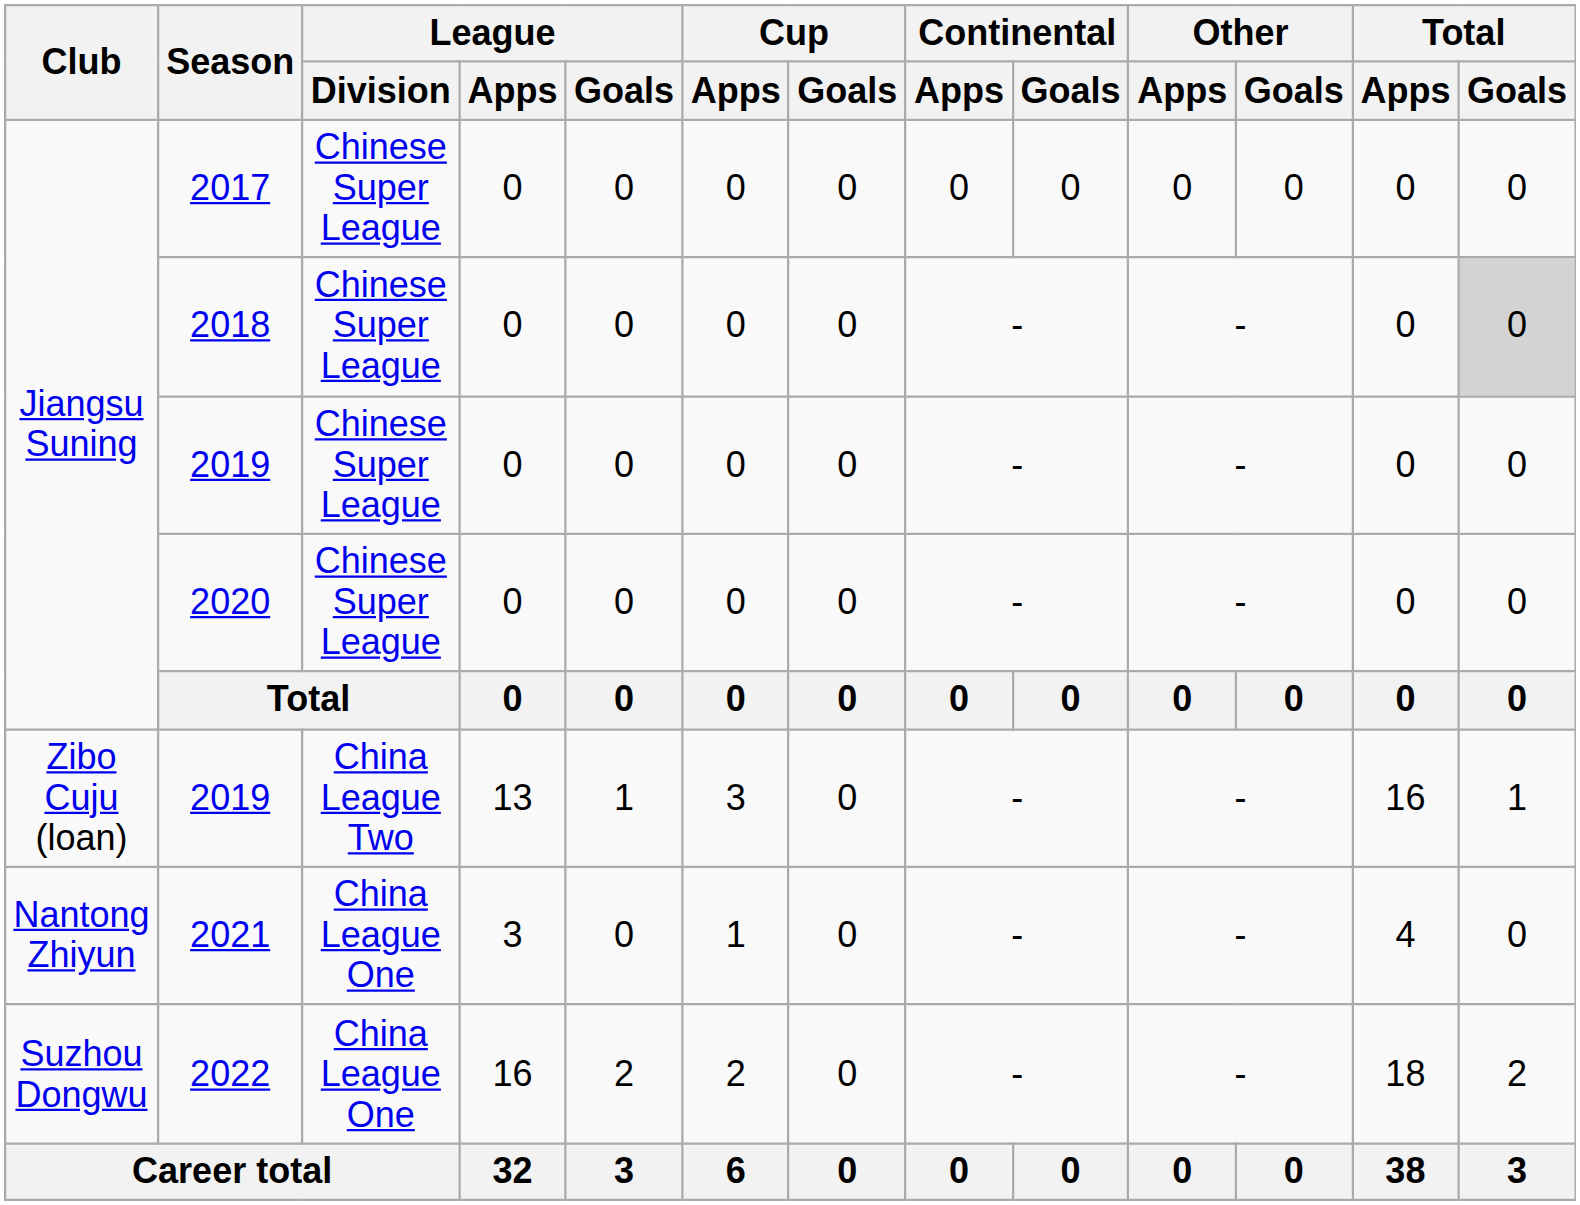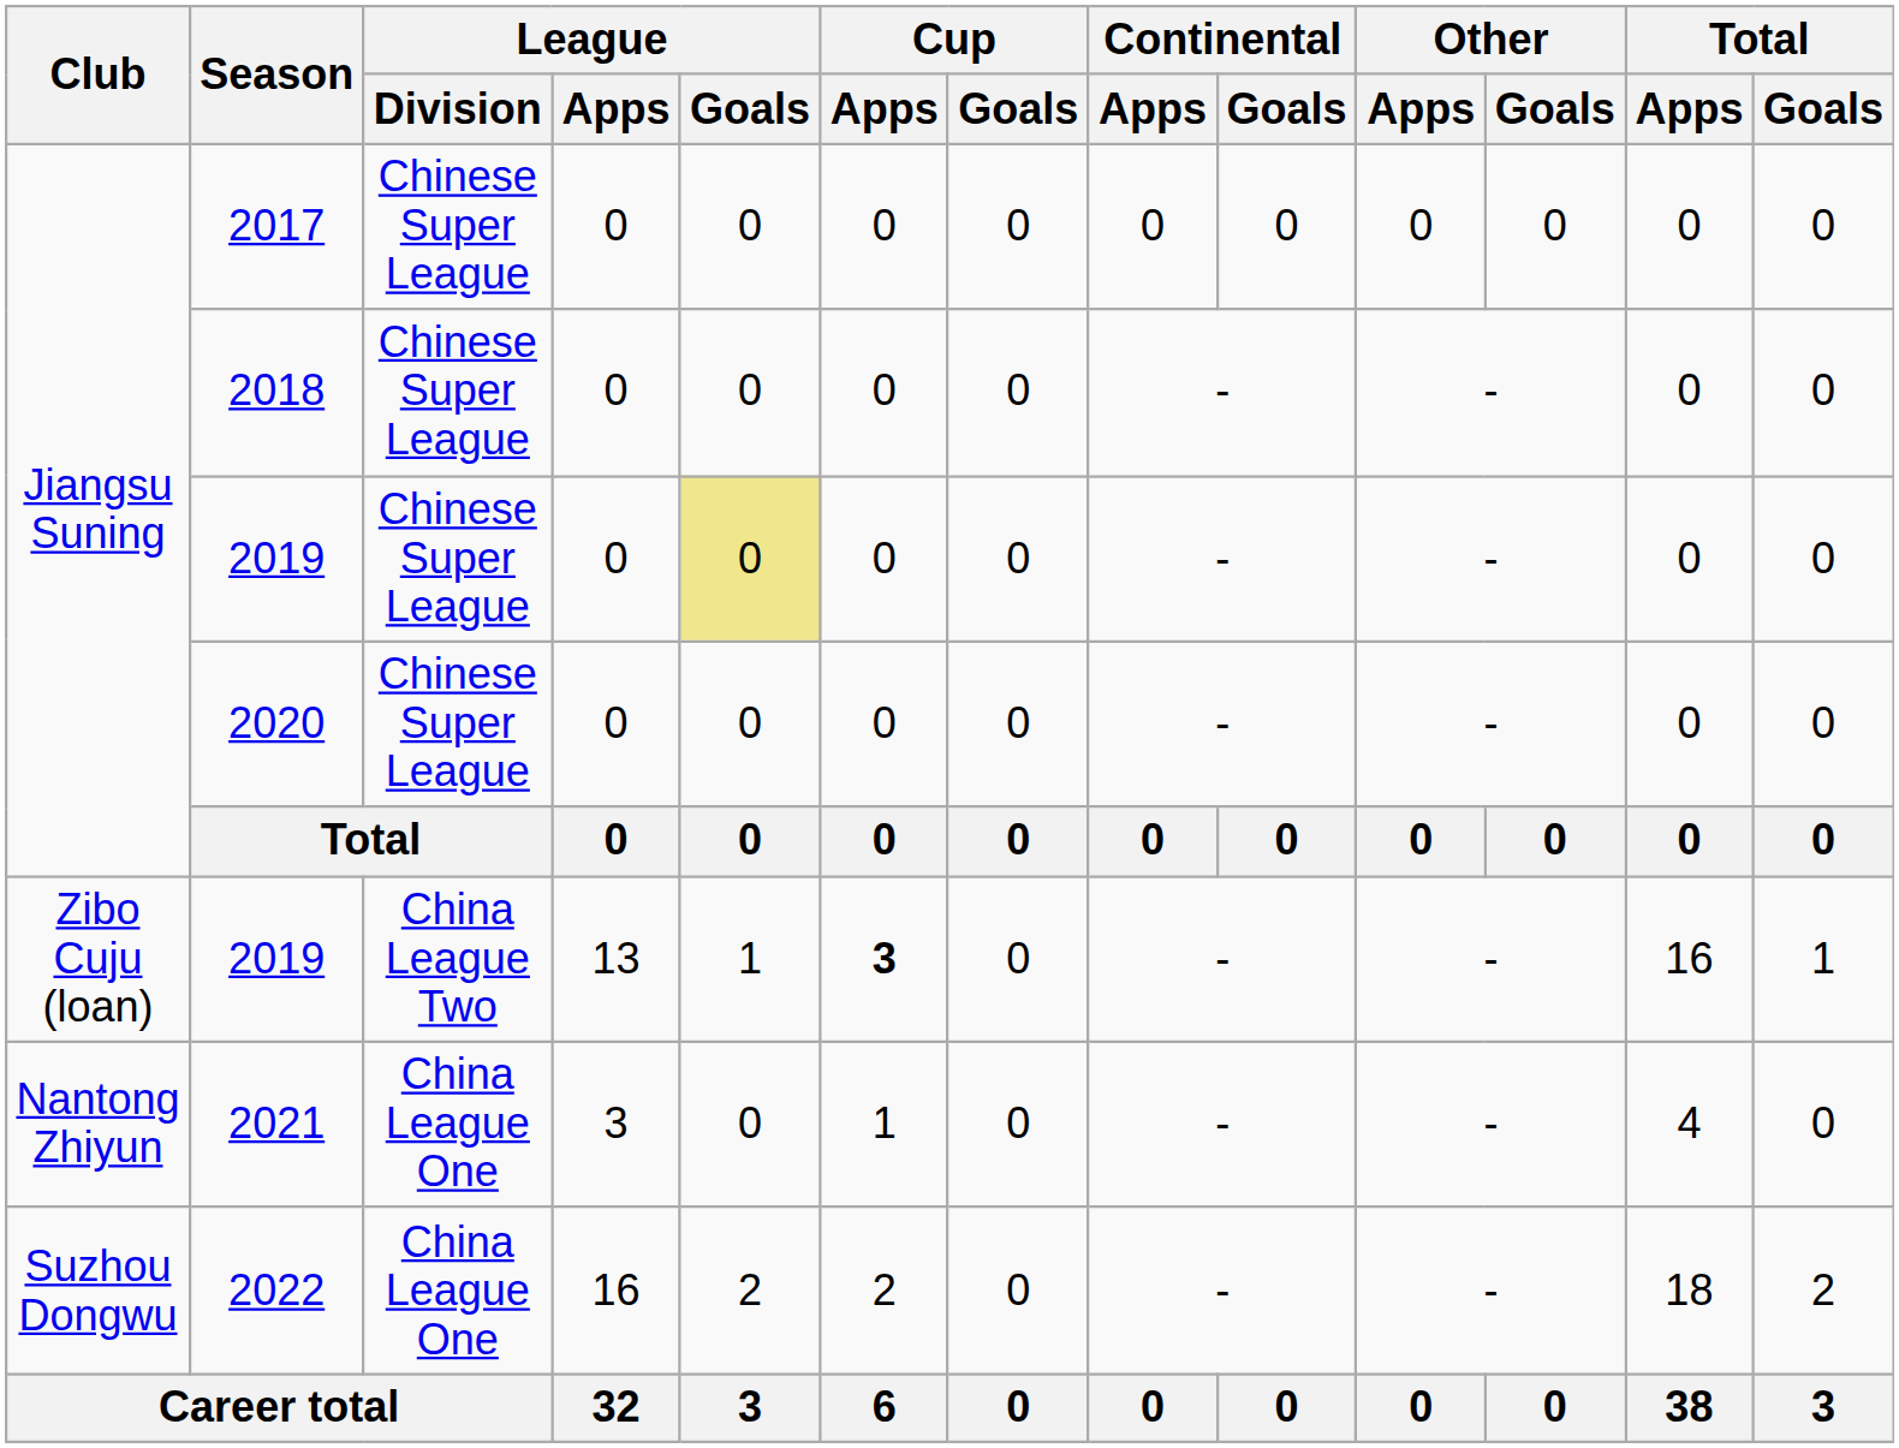 <table class="wikitable" style="text-align: center">
 <tr>
 <th rowspan="2">Club</th>
 <th rowspan="2">Season</th>
 <th colspan="3">League</th>
 <th colspan="2">Cup</th>
 <th colspan="2">Continental</th>
 <th colspan="2">Other</th>
 <th colspan="2">Total</th>
 </tr>
 <tr>
 <th>Division</th>
 <th>Apps</th>
 <th>Goals</th>
 <th>Apps</th>
 <th>Goals</th>
 <th>Apps</th>
 <th>Goals</th>
 <th>Apps</th>
 <th>Goals</th>
 <th>Apps</th>
 <th>Goals</th>
 </tr>
 <tr>
 <td rowspan=5><a href='#'>Jiangsu Suning</a></td>
 <td><a href='#'>2017</a></td>
 <td><a href='#'>Chinese Super League</a></td>
 <td>0</td>
 <td>0</td>
 <td>0</td>
 <td 0>0</td>
 <td>0</td>
 <td>0</td>
 <td>0</td>
 <td>0</td>
 <td>0</td>
 <td>0</td>
 </tr>
 <tr>
 <td><a href='#'>2018</a></td>
 <td><a href='#'>Chinese Super League</a></td>
 <td>0</td>
 <td>0</td>
 <td>0</td>
 <td>0</td>
 <td colspan="2">-</td>
 <td colspan="2">-</td>
 <td>0</td>
-<td style="background: lightgrey;">0</td>
+<td>0</td>
 </tr>
 <tr>
 <td><a href='#'>2019</a></td>
 <td><a href='#'>Chinese Super League</a></td>
 <td>0</td>
-<td>0</td>
+<td style="background: khaki;">0</td>
 <td>0</td>
 <td>0</td>
 <td colspan="2">-</td>
 <td colspan="2">-</td>
 <td>0</td>
 <td>0</td>
 </tr>
 <tr>
 <td><a href='#'>2020</a></td>
 <td><a href='#'>Chinese Super League</a></td>
 <td>0</td>
 <td>0</td>
 <td>0</td>
 <td>0</td>
 <td colspan="2">-</td>
 <td colspan="2">-</td>
 <td>0</td>
 <td>0</td>
 </tr>
 <tr>
 <th colspan=2>Total</th>
 <th>0</th>
 <th>0</th>
 <th>0</th>
 <th>0</th>
 <th>0</th>
 <th>0</th>
 <th>0</th>
 <th>0</th>
 <th>0</th>
 <th>0</th>
 </tr>
 <tr>
 <td><a href='#'>Zibo Cuju</a> (loan)</td>
 <td><a href='#'>2019</a></td>
 <td><a href='#'>China League Two</a></td>
 <td>13</td>
 <td>1</td>
-<td>3</td>
+<td><strong>3</strong></td>
 <td>0</td>
 <td colspan="2">-</td>
 <td colspan="2">-</td>
 <td>16</td>
 <td>1</td>
 </tr>
 <tr>
 <td><a href='#'>Nantong Zhiyun</a></td>
 <td><a href='#'>2021</a></td>
 <td><a href='#'>China League One</a></td>
 <td>3</td>
 <td>0</td>
 <td>1</td>
 <td>0</td>
 <td colspan="2">-</td>
 <td colspan="2">-</td>
 <td>4</td>
 <td>0</td>
 </tr>
 <tr>
 <td><a href='#'>Suzhou Dongwu</a></td>
 <td><a href='#'>2022</a></td>
 <td><a href='#'>China League One</a></td>
 <td>16</td>
 <td>2</td>
 <td>2</td>
 <td>0</td>
 <td colspan="2">-</td>
 <td colspan="2">-</td>
 <td>18</td>
 <td>2</td>
 </tr>
 <tr>
 <th colspan=3>Career total</th>
 <th>32</th>
 <th>3</th>
 <th>6</th>
 <th>0</th>
 <th>0</th>
 <th>0</th>
 <th>0</th>
 <th>0</th>
 <th>38</th>
 <th>3</th>
 </tr>
 </table>
